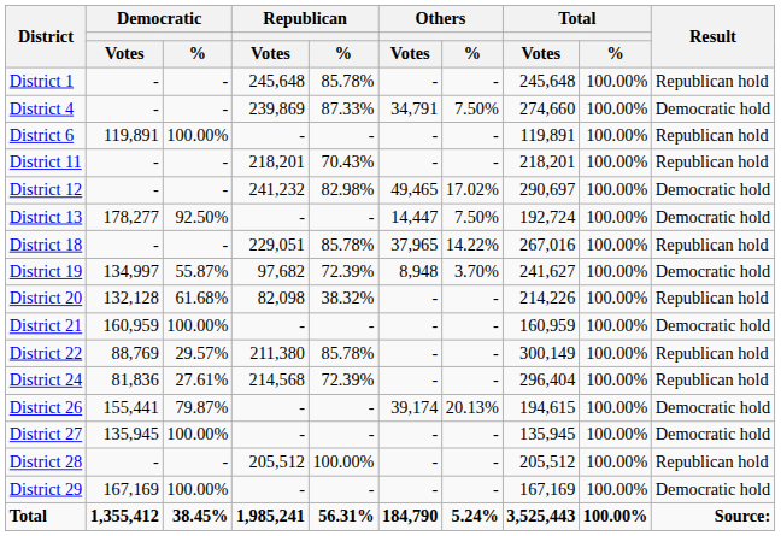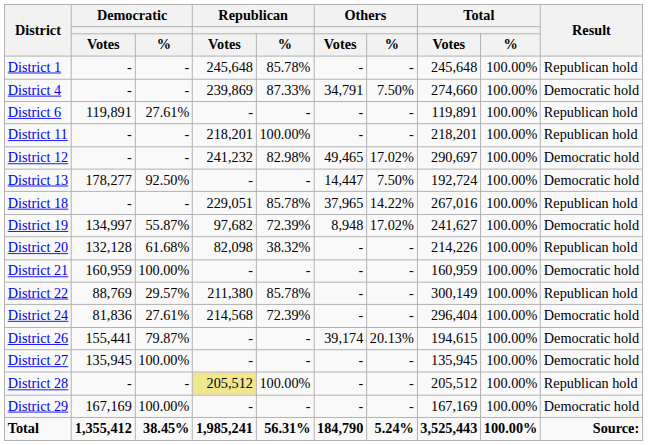 <table class="wikitable plainrowheaders sortable" style="font-size:100%; text-align:right;">
 <tr>
 <th rowspan="3">District</th>
 <th colspan="2">Democratic</th>
 <th colspan="2">Republican</th>
 <th colspan="2">Others</th>
 <th colspan="2">Total</th>
 <th rowspan="3">Result</th>
 </tr>
 <tr>
 <th colspan="2" style="background:"></th>
 <th colspan="2" style="background:"></th>
 <th colspan="2"></th>
 <th colspan="2"></th>
 </tr>
 <tr>
 <th scope=col data-sort-type="number">Votes</th>
 <th scope=col data-sort-type="number">%</th>
 <th scope=col data-sort-type="number">Votes</th>
 <th scope=col data-sort-type="number">%</th>
 <th scope=col data-sort-type="number">Votes</th>
 <th scope=col data-sort-type="number">%</th>
 <th scope=col data-sort-type="number">Votes</th>
 <th scope=col data-sort-type="number">%</th>
 </tr>
 <tr>
 <td align="left"><a href='#'>District 1</a></td>
 <td>-</td>
 <td>-</td>
 <td>245,648</td>
 <td>85.78%</td>
 <td>-</td>
 <td>-</td>
 <td>245,648</td>
 <td>100.00%</td>
 <td align="left">Republican hold</td>
 </tr>
 <tr>
 <td align="left"><a href='#'>District 4</a></td>
 <td>-</td>
 <td>-</td>
 <td>239,869</td>
 <td>87.33%</td>
 <td>34,791</td>
 <td>7.50%</td>
 <td>274,660</td>
 <td>100.00%</td>
 <td align="left">Democratic hold</td>
 </tr>
 <tr>
 <td align="left"><a href='#'>District 6</a></td>
 <td>119,891</td>
-<td>100.00%</td>
+<td>27.61%</td>
 <td>-</td>
 <td>-</td>
 <td>-</td>
 <td>-</td>
 <td>119,891</td>
 <td>100.00%</td>
 <td align="left">Republican hold</td>
 </tr>
 <tr>
 <td align="left"><a href='#'>District 11</a></td>
 <td>-</td>
 <td>-</td>
 <td>218,201</td>
-<td>70.43%</td>
+<td>100.00%</td>
 <td>-</td>
 <td>-</td>
 <td>218,201</td>
 <td>100.00%</td>
 <td align="left">Republican hold</td>
 </tr>
 <tr>
 <td align="left"><a href='#'>District 12</a></td>
 <td>-</td>
 <td>-</td>
 <td>241,232</td>
 <td>82.98%</td>
 <td>49,465</td>
 <td>17.02%</td>
 <td>290,697</td>
 <td>100.00%</td>
 <td align="left">Democratic hold</td>
 </tr>
 <tr>
 <td align="left"><a href='#'>District 13</a></td>
 <td>178,277</td>
 <td>92.50%</td>
 <td>-</td>
 <td>-</td>
 <td>14,447</td>
 <td>7.50%</td>
 <td>192,724</td>
 <td>100.00%</td>
 <td align="left">Democratic hold</td>
 </tr>
 <tr>
 <td align="left"><a href='#'>District 18</a></td>
 <td>-</td>
 <td>-</td>
 <td>229,051</td>
 <td>85.78%</td>
 <td>37,965</td>
 <td>14.22%</td>
 <td>267,016</td>
 <td>100.00%</td>
 <td align="left">Republican hold</td>
 </tr>
 <tr>
 <td align="left"><a href='#'>District 19</a></td>
 <td>134,997</td>
 <td>55.87%</td>
 <td>97,682</td>
 <td>72.39%</td>
 <td>8,948</td>
-<td>3.70%</td>
+<td>17.02%</td>
 <td>241,627</td>
 <td>100.00%</td>
 <td align="left">Democratic hold</td>
 </tr>
 <tr>
 <td align="left"><a href='#'>District 20</a></td>
 <td>132,128</td>
 <td>61.68%</td>
 <td>82,098</td>
 <td>38.32%</td>
 <td>-</td>
 <td>-</td>
 <td>214,226</td>
 <td>100.00%</td>
 <td align="left">Republican hold</td>
 </tr>
 <tr>
 <td align="left"><a href='#'>District 21</a></td>
 <td>160,959</td>
 <td>100.00%</td>
 <td>-</td>
 <td>-</td>
 <td>-</td>
 <td>-</td>
 <td>160,959</td>
 <td>100.00%</td>
 <td align="left">Democratic hold</td>
 </tr>
 <tr>
 <td align="left"><a href='#'>District 22</a></td>
 <td>88,769</td>
 <td>29.57%</td>
 <td>211,380</td>
 <td>85.78%</td>
 <td>-</td>
 <td>-</td>
 <td>300,149</td>
 <td>100.00%</td>
 <td align="left">Republican hold</td>
 </tr>
 <tr>
 <td align="left"><a href='#'>District 24</a></td>
 <td>81,836</td>
 <td>27.61%</td>
 <td>214,568</td>
 <td>72.39%</td>
 <td>-</td>
 <td>-</td>
 <td>296,404</td>
 <td>100.00%</td>
-<td align="left">Republican hold</td>
+<td align="left">Democratic hold</td>
 </tr>
 <tr>
 <td align="left"><a href='#'>District 26</a></td>
 <td>155,441</td>
 <td>79.87%</td>
 <td>-</td>
 <td>-</td>
 <td>39,174</td>
 <td>20.13%</td>
 <td>194,615</td>
 <td>100.00%</td>
 <td align="left">Democratic hold</td>
 </tr>
 <tr>
 <td align="left"><a href='#'>District 27</a></td>
 <td>135,945</td>
 <td>100.00%</td>
 <td>-</td>
 <td>-</td>
 <td>-</td>
 <td>-</td>
 <td>135,945</td>
 <td>100.00%</td>
 <td align="left">Democratic hold</td>
 </tr>
 <tr>
 <td align="left"><a href='#'>District 28</a></td>
 <td>-</td>
 <td>-</td>
-<td>205,512</td>
+<td style="background: khaki;">205,512</td>
 <td>100.00%</td>
 <td>-</td>
 <td>-</td>
 <td>205,512</td>
 <td>100.00%</td>
 <td align="left">Republican hold</td>
 </tr>
 <tr>
 <td align="left"><a href='#'>District 29</a></td>
 <td>167,169</td>
 <td>100.00%</td>
 <td>-</td>
 <td>-</td>
 <td>-</td>
 <td>-</td>
 <td>167,169</td>
 <td>100.00%</td>
 <td align="left">Democratic hold</td>
 </tr>
 <tr class="sortbottom" style="font-weight:bold">
 <td align="left">Total</td>
 <td>1,355,412</td>
 <td>38.45%</td>
 <td>1,985,241</td>
 <td>56.31%</td>
 <td>184,790</td>
 <td>5.24%</td>
 <td>3,525,443</td>
 <td>100.00%</td>
 <td>Source:</td>
 </tr>
 </table>
